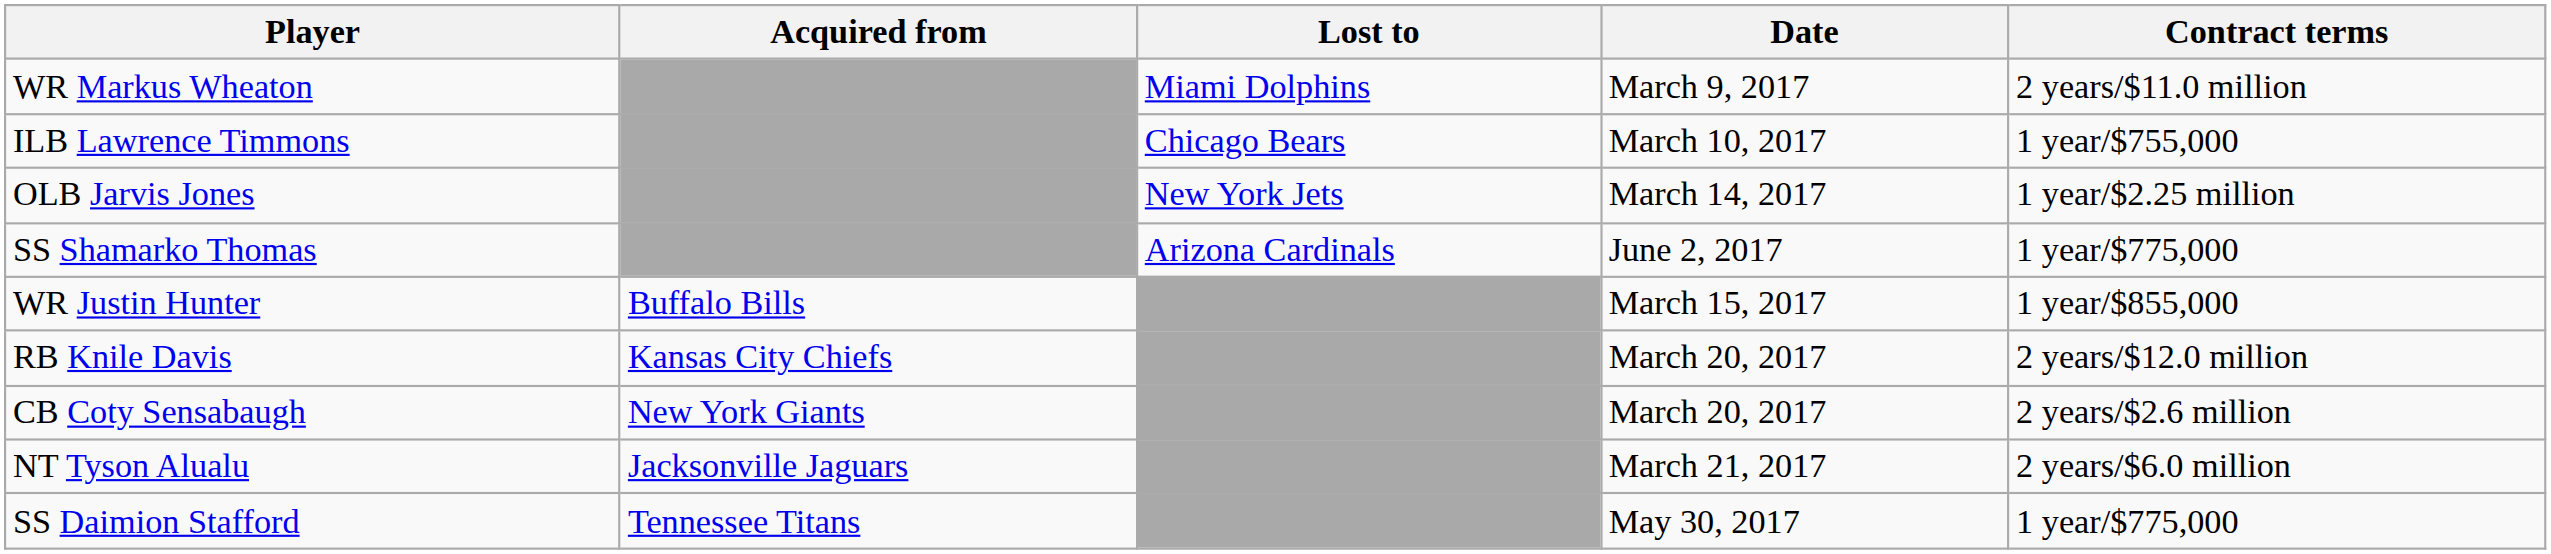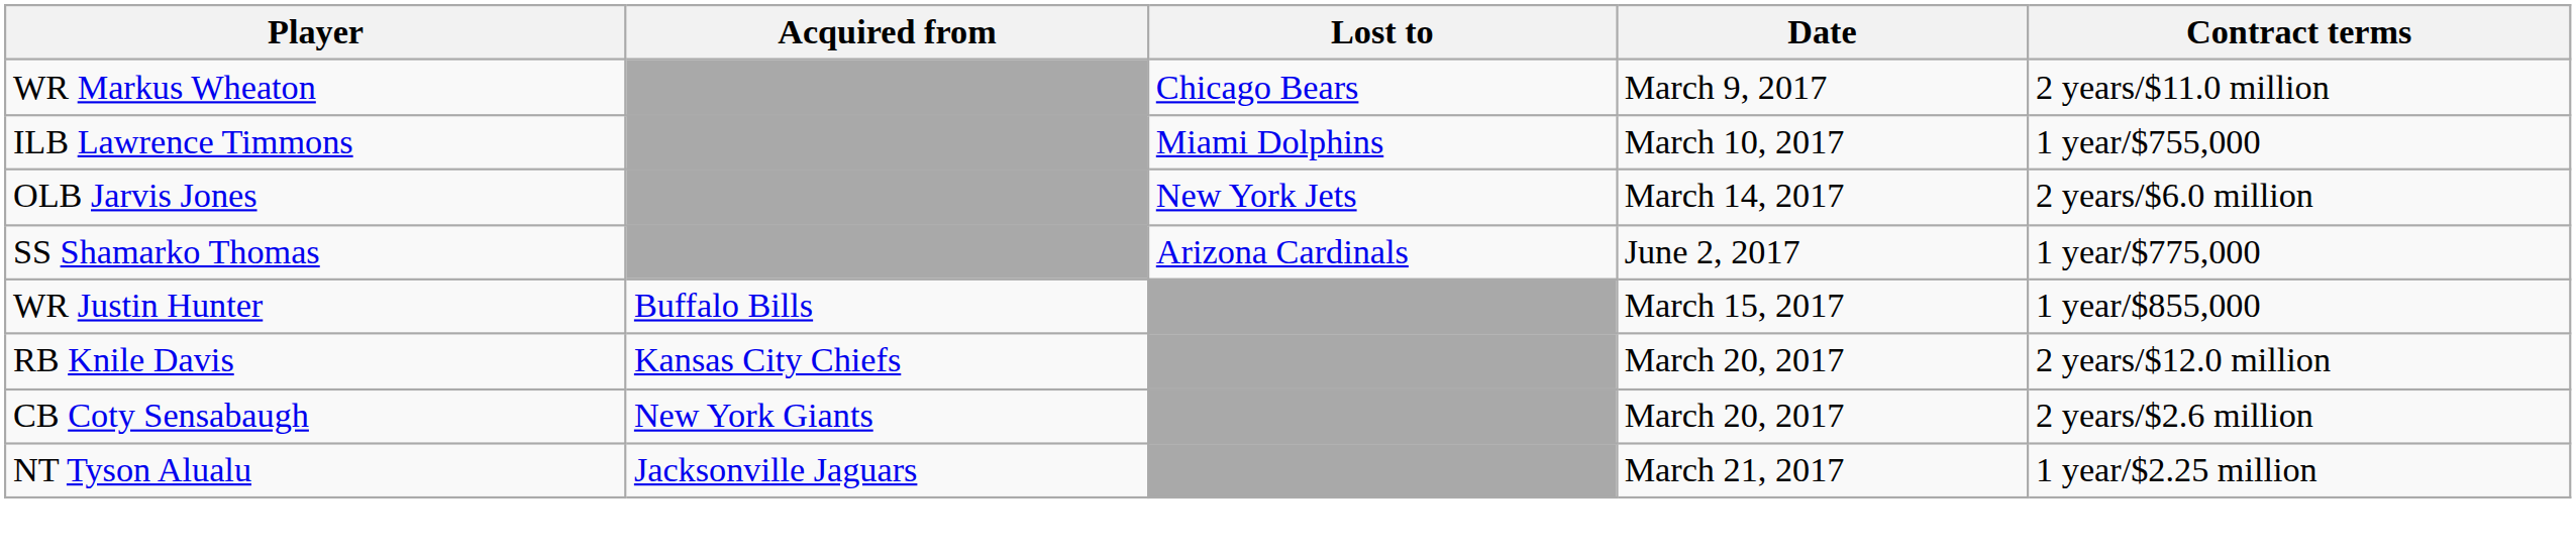 <table class="wikitable" style="width:75%">
 <tr style="text-align:center; background:#ddd">
 <th>Player</th>
 <th>Acquired from</th>
 <th>Lost to</th>
 <th>Date</th>
 <th>Contract terms</th>
 </tr>
 <tr>
 <td>WR <a href='#'>Markus Wheaton</a></td>
 <td style="background:darkgray"></td>
-<td><a href='#'>Miami Dolphins</a></td>
+<td><a href='#'>Chicago Bears</a></td>
 <td>March 9, 2017</td>
 <td>2 years/$11.0 million</td>
 </tr>
 <tr>
 <td>ILB <a href='#'>Lawrence Timmons</a></td>
 <td style="background:darkgray"></td>
-<td><a href='#'>Chicago Bears</a></td>
+<td><a href='#'>Miami Dolphins</a></td>
 <td>March 10, 2017</td>
 <td>1 year/$755,000</td>
 </tr>
 <tr>
 <td>OLB <a href='#'>Jarvis Jones</a></td>
 <td style="background:darkgray"></td>
 <td><a href='#'>New York Jets</a></td>
 <td>March 14, 2017</td>
-<td>1 year/$2.25 million</td>
+<td>2 years/$6.0 million</td>
 </tr>
 <tr>
 <td>SS <a href='#'>Shamarko Thomas</a></td>
 <td style="background:darkgray"></td>
 <td><a href='#'>Arizona Cardinals</a></td>
 <td>June 2, 2017</td>
 <td>1 year/$775,000</td>
 </tr>
 <tr>
 <td>WR <a href='#'>Justin Hunter</a></td>
 <td><a href='#'>Buffalo Bills</a></td>
 <td style="background:darkgray"></td>
 <td>March 15, 2017</td>
 <td>1 year/$855,000</td>
 </tr>
 <tr>
 <td>RB <a href='#'>Knile Davis</a></td>
 <td><a href='#'>Kansas City Chiefs</a></td>
 <td style="background:darkgray"></td>
 <td>March 20, 2017</td>
 <td>2 years/$12.0 million</td>
 </tr>
 <tr>
 <td>CB <a href='#'>Coty Sensabaugh</a></td>
 <td><a href='#'>New York Giants</a></td>
 <td style="background:darkgray"></td>
 <td>March 20, 2017</td>
 <td>2 years/$2.6 million</td>
 </tr>
 <tr>
 <td>NT <a href='#'>Tyson Alualu</a></td>
 <td><a href='#'>Jacksonville Jaguars</a></td>
 <td style="background:darkgray"></td>
 <td>March 21, 2017</td>
-<td>2 years/$6.0 million</td>
-</tr>
-<tr>
-<td>SS <a href='#'>Daimion Stafford</a></td>
-<td><a href='#'>Tennessee Titans</a></td>
-<td style="background:darkgray"></td>
-<td>May 30, 2017</td>
-<td>1 year/$775,000</td>
+<td>1 year/$2.25 million</td>
 </tr>
 </table>
